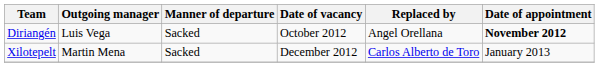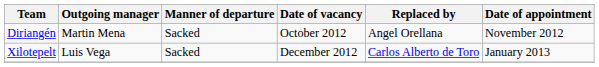 <table class="wikitable">
 <tr>
 <th>Team</th>
 <th>Outgoing manager</th>
 <th>Manner of departure</th>
 <th>Date of vacancy</th>
 <th>Replaced by</th>
 <th>Date of appointment</th>
 </tr>
 <tr>
 <td><a href='#'>Diriangén</a></td>
-<td> Luis Vega</td>
+<td> Martin Mena</td>
 <td>Sacked</td>
 <td>October 2012</td>
 <td> Angel Orellana</td>
-<td><strong>November 2012</strong></td>
+<td>November 2012</td>
 </tr>
 <tr>
 <td><a href='#'>Xilotepelt</a></td>
-<td> Martin Mena</td>
+<td> Luis Vega</td>
 <td>Sacked</td>
 <td>December 2012</td>
 <td> <a href='#'>Carlos Alberto de Toro</a></td>
 <td>January 2013</td>
 </tr>
 <tr>
 </tr>
 </table>
